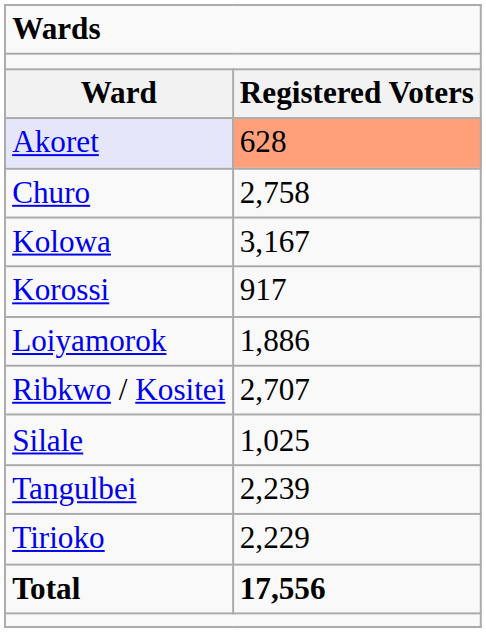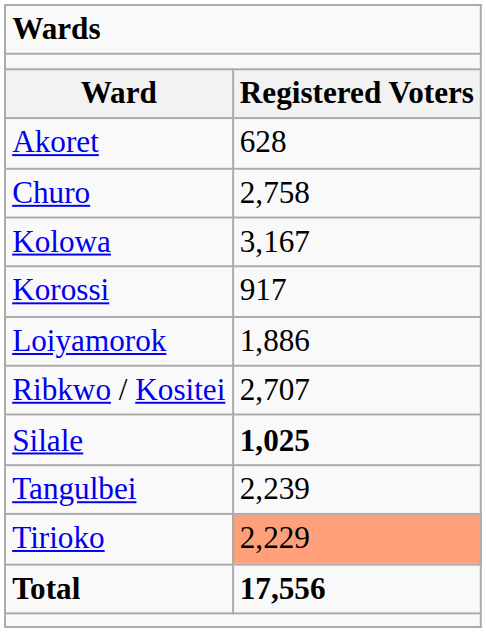 <table class="wikitable">
 <tr>
 <td colspan="2"><strong>Wards</strong></td>
 </tr>
 <tr>
 <td colspan="2"></td>
 </tr>
 <tr>
 <th>Ward</th>
 <th>Registered Voters</th>
 </tr>
 <tr>
-<td style="background: lavender;"><a href='#'>Akoret</a></td>
-<td style="background: lightsalmon;">628</td>
+<td><a href='#'>Akoret</a></td>
+<td>628</td>
 </tr>
 <tr>
 <td><a href='#'>Churo</a></td>
 <td>2,758</td>
 </tr>
 <tr>
 <td><a href='#'>Kolowa</a></td>
 <td>3,167</td>
 </tr>
 <tr>
 <td><a href='#'>Korossi</a></td>
 <td>917</td>
 </tr>
 <tr>
 <td><a href='#'>Loiyamorok</a></td>
 <td>1,886</td>
 </tr>
 <tr>
 <td><a href='#'>Ribkwo</a> / <a href='#'>Kositei</a></td>
 <td>2,707</td>
 </tr>
 <tr>
 <td><a href='#'>Silale</a></td>
-<td>1,025</td>
+<td><strong>1,025</strong></td>
 </tr>
 <tr>
 <td><a href='#'>Tangulbei</a></td>
 <td>2,239</td>
 </tr>
 <tr>
 <td><a href='#'>Tirioko</a></td>
-<td>2,229</td>
+<td style="background: lightsalmon;">2,229</td>
 </tr>
 <tr>
 <td><strong>Total</strong></td>
 <td><strong>17,556</strong></td>
 </tr>
 <tr>
 <td colspan="2"></td>
 </tr>
 </table>
